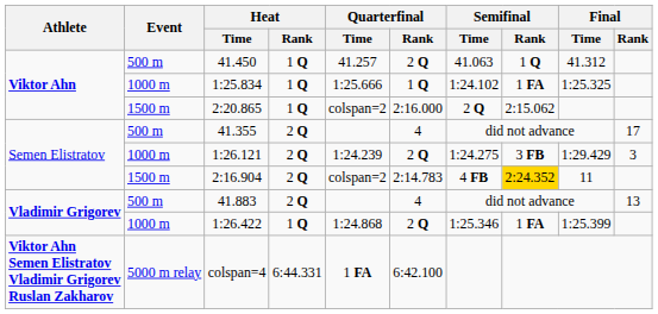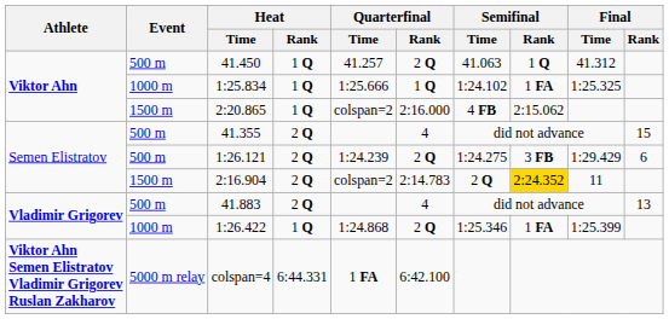 <table class="wikitable" style="font-size:90%">
 <tr>
 <th rowspan=2>Athlete</th>
 <th rowspan=2>Event</th>
 <th colspan=2>Heat</th>
 <th colspan=2>Quarterfinal</th>
 <th colspan=2>Semifinal</th>
 <th colspan=2>Final</th>
 </tr>
 <tr style="font-size:95%">
 <th>Time</th>
 <th>Rank</th>
 <th>Time</th>
 <th>Rank</th>
 <th>Time</th>
 <th>Rank</th>
 <th>Time</th>
 <th>Rank</th>
 </tr>
 <tr align=center>
 <td align=left rowspan=3><strong><a href='#'>Viktor Ahn</a></strong></td>
 <td align=left><a href='#'>500 m</a></td>
 <td>41.450</td>
 <td>1 <strong>Q</strong></td>
 <td>41.257</td>
 <td>2 <strong>Q</strong></td>
 <td>41.063</td>
 <td>1 <strong>Q</strong></td>
 <td>41.312</td>
 <td></td>
 </tr>
 <tr align=center>
 <td align=left><a href='#'>1000 m</a></td>
 <td>1:25.834</td>
 <td>1 <strong>Q</strong></td>
 <td>1:25.666</td>
 <td>1 <strong>Q</strong></td>
 <td>1:24.102</td>
 <td>1 <strong>FA</strong></td>
 <td>1:25.325</td>
 <td></td>
 </tr>
 <tr align=center>
 <td align=left><a href='#'>1500 m</a></td>
 <td>2:20.865</td>
 <td>1 <strong>Q</strong></td>
 <td>colspan=2 </td>
 <td>2:16.000</td>
-<td>2 <strong>Q</strong></td>
+<td>4 <strong>FB</strong></td>
 <td>2:15.062</td>
 <td></td>
 </tr>
 <tr align=center>
 <td align=left rowspan=3><a href='#'>Semen Elistratov</a></td>
 <td align=left><a href='#'>500 m</a></td>
 <td>41.355</td>
 <td>2 <strong>Q</strong></td>
 <td></td>
 <td>4</td>
 <td colspan=3>did not advance</td>
-<td>17</td>
+<td>15</td>
 </tr>
 <tr align=center>
-<td align=left><a href='#'>1000 m</a></td>
+<td align=left><a href='#'>500 m</a></td>
 <td>1:26.121</td>
 <td>2 <strong>Q</strong></td>
 <td>1:24.239</td>
 <td>2 <strong>Q</strong></td>
 <td>1:24.275</td>
 <td>3 <strong>FB</strong></td>
 <td>1:29.429</td>
-<td>3</td>
+<td>6</td>
 </tr>
 <tr align=center>
 <td align=left><a href='#'>1500 m</a></td>
 <td>2:16.904</td>
 <td>2 <strong>Q</strong></td>
 <td>colspan=2 </td>
 <td>2:14.783</td>
-<td>4 <strong>FB</strong></td>
+<td>2 <strong>Q</strong></td>
 <td style="background: gold;">2:24.352</td>
 <td>11</td>
 </tr>
 <tr align=center>
 <td align=left rowspan=2><strong><a href='#'>Vladimir Grigorev</a></strong></td>
 <td align=left><a href='#'>500 m</a></td>
 <td>41.883</td>
 <td>2 <strong>Q</strong></td>
 <td></td>
 <td>4</td>
 <td colspan=3>did not advance</td>
 <td>13</td>
 </tr>
 <tr align=center>
 <td align=left><a href='#'>1000 m</a></td>
 <td>1:26.422</td>
 <td>1 <strong>Q</strong></td>
 <td>1:24.868</td>
 <td>2 <strong>Q</strong></td>
 <td>1:25.346</td>
 <td>1 <strong>FA</strong></td>
 <td>1:25.399</td>
 <td></td>
 </tr>
 <tr align=center>
 <td align=left><strong><a href='#'>Viktor Ahn</a><br><a href='#'>Semen Elistratov</a><br><a href='#'>Vladimir Grigorev</a><br><a href='#'>Ruslan Zakharov</a></strong></td>
 <td align=left><a href='#'>5000 m relay</a></td>
 <td>colspan=4 </td>
 <td>6:44.331</td>
 <td>1 <strong>FA</strong></td>
 <td>6:42.100 </td>
 <td></td>
 </tr>
 </table>
